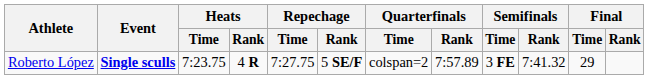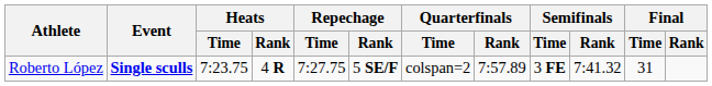 <table class="wikitable" style="font-size:90%">
 <tr>
 <th rowspan="2">Athlete</th>
 <th rowspan="2">Event</th>
 <th colspan="2">Heats</th>
 <th colspan="2">Repechage</th>
 <th colspan=2>Quarterfinals</th>
 <th colspan="2">Semifinals</th>
 <th colspan="2">Final</th>
 </tr>
 <tr style="font-size:95%">
 <th>Time</th>
 <th>Rank</th>
 <th>Time</th>
 <th>Rank</th>
 <th>Time</th>
 <th>Rank</th>
 <th>Time</th>
 <th>Rank</th>
 <th>Time</th>
 <th>Rank</th>
 </tr>
 <tr align=center>
 <td align=left><a href='#'>Roberto López</a></td>
 <td align=left><strong><a href='#'>Single sculls</a></strong></td>
 <td>7:23.75</td>
 <td>4 <strong>R</strong></td>
 <td>7:27.75</td>
 <td>5 <strong>SE/F</strong></td>
 <td>colspan=2 </td>
 <td>7:57.89</td>
 <td>3 <strong>FE</strong></td>
 <td>7:41.32</td>
-<td>29</td>
+<td>31</td>
 </tr>
 </table>
